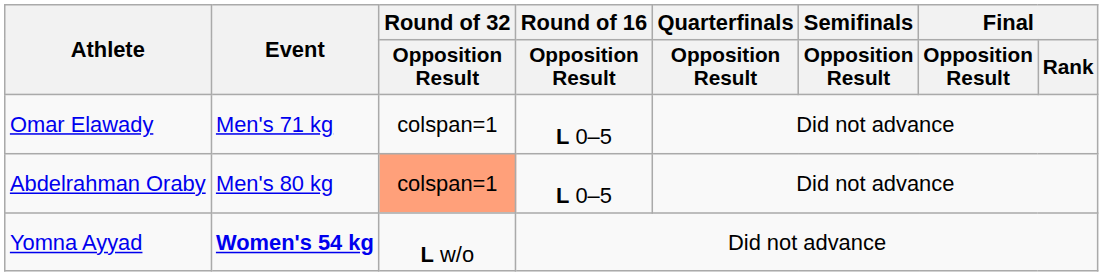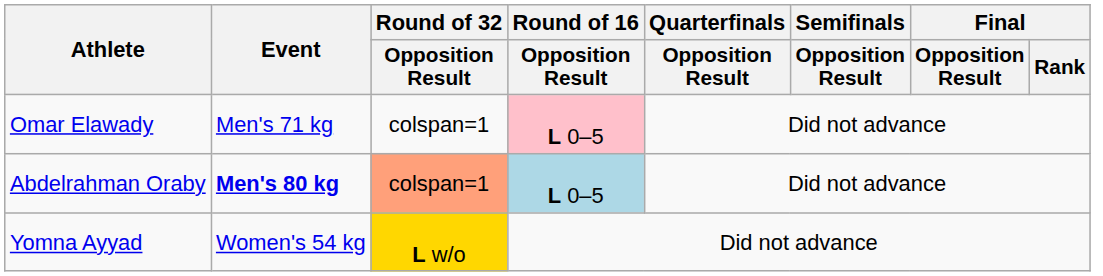 <table class="wikitable" style="font-size:90%">
 <tr>
 <th rowspan="2">Athlete</th>
 <th rowspan="2">Event</th>
 <th>Round of 32</th>
 <th>Round of 16</th>
 <th>Quarterfinals</th>
 <th>Semifinals</th>
 <th colspan=2>Final</th>
 </tr>
 <tr style="font-size:95%">
 <th>Opposition<br>Result</th>
 <th>Opposition<br>Result</th>
 <th>Opposition<br>Result</th>
 <th>Opposition<br>Result</th>
 <th>Opposition<br>Result</th>
 <th>Rank</th>
 </tr>
 <tr align=center>
 <td align=left><a href='#'>Omar Elawady</a></td>
 <td align=left><a href='#'>Men's 71 kg</a></td>
 <td>colspan=1 </td>
-<td><br> <strong>L</strong> 0–5</td>
+<td style="background: pink;"><br> <strong>L</strong> 0–5</td>
 <td colspan="4">Did not advance</td>
 </tr>
 <tr align=center>
 <td align=left><a href='#'>Abdelrahman Oraby</a></td>
-<td align=left><a href='#'>Men's 80 kg</a></td>
+<td align=left><strong><a href='#'>Men's 80 kg</a></strong></td>
 <td style="background: lightsalmon;">colspan=1 </td>
-<td><br> <strong>L</strong> 0–5</td>
+<td style="background: lightblue;"><br> <strong>L</strong> 0–5</td>
 <td colspan="4">Did not advance</td>
 </tr>
 <tr align=center>
 <td align=left><a href='#'>Yomna Ayyad</a></td>
-<td align=left><strong><a href='#'>Women's 54 kg</a></strong></td>
-<td><br> <strong>L</strong> w/o</td>
+<td align=left><a href='#'>Women's 54 kg</a></td>
+<td style="background: gold;"><br> <strong>L</strong> w/o</td>
 <td colspan="5">Did not advance</td>
 </tr>
 </table>
